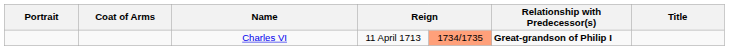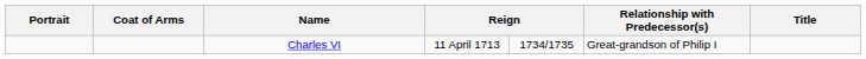 <table width=95% class="wikitable">
 <tr>
 <th width=8%>Portrait</th>
 <th width=10%>Coat of Arms</th>
 <th width=20%>Name</th>
 <th colspan=2 width=14%>Reign</th>
 <th width=15%>Relationship with Predecessor(s)</th>
 <th width=10%>Title</th>
 </tr>
 <tr>
 <td align="center"></td>
 <td align="center"></td>
 <td align="center"><a href='#'>Charles VI</a></td>
 <td align="center">11 April 1713</td>
-<td align="center" style="background: lightsalmon;">1734/1735</td>
-<td><strong>Great-grandson of Philip I</strong></td>
+<td align="center">1734/1735</td>
+<td>Great-grandson of Philip I</td>
 <td align="center"></td>
 </tr>
 </table>
